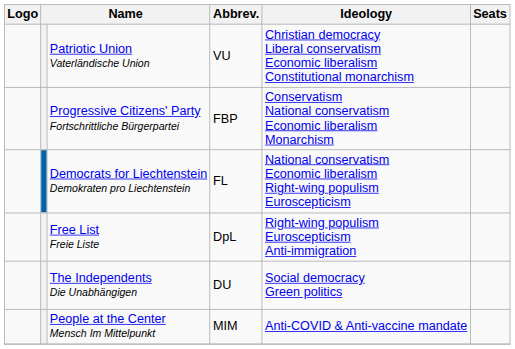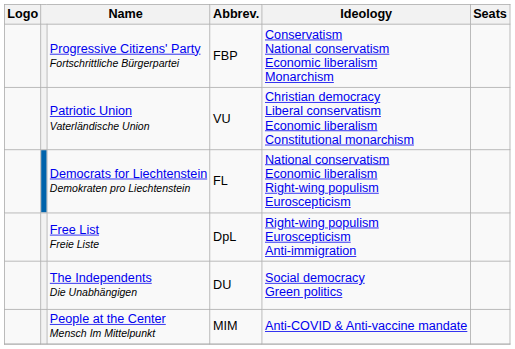 <table class="wikitable sortable">
 <tr>
 <th>Logo</th>
 <th colspan=2>Name</th>
 <th>Abbrev.</th>
 <th>Ideology</th>
 <th>Seats</th>
 </tr>
 <tr>
 <td></td>
 <th style="background-color: "></th>
+<td><a href='#'>Progressive Citizens' Party</a><br><small><em>Fortschrittliche Bürgerpartei</em></small></td>
+<td>FBP</td>
+<td><a href='#'>Conservatism</a><br><a href='#'>National conservatism</a><br><a href='#'>Economic liberalism</a><br><a href='#'>Monarchism</a></td>
+<td><br> <br> </td>
+</tr>
+<tr>
+<td></td>
+<th style="background-color: "></th>
 <td><a href='#'>Patriotic Union</a><br><small><em>Vaterländische Union</em></small></td>
 <td>VU</td>
 <td><a href='#'>Christian democracy</a><br><a href='#'>Liberal conservatism</a><br><a href='#'>Economic liberalism</a><br><a href='#'>Constitutional monarchism</a></td>
 <td><br><br></td>
-</tr>
-<tr>
-<td></td>
-<th style="background-color: "></th>
-<td><a href='#'>Progressive Citizens' Party</a><br><small><em>Fortschrittliche Bürgerpartei</em></small></td>
-<td>FBP</td>
-<td><a href='#'>Conservatism</a><br><a href='#'>National conservatism</a><br><a href='#'>Economic liberalism</a><br><a href='#'>Monarchism</a></td>
-<td><br> <br> </td>
 </tr>
 <tr>
 <td></td>
 <th style="background-color: #0063ab"></th>
 <td><a href='#'>Democrats for Liechtenstein</a><br><small><em>Demokraten pro Liechtenstein</em></small></td>
 <td>FL</td>
 <td><a href='#'>National conservatism</a><br><a href='#'>Economic liberalism</a><br><a href='#'>Right-wing populism</a><br><a href='#'>Euroscepticism</a></td>
 <td><br><br></td>
 </tr>
 <tr>
 <td></td>
 <th style="background-color: "></th>
 <td><a href='#'>Free List</a><br><small><em>Freie Liste</em></small></td>
 <td>DpL</td>
 <td><a href='#'>Right-wing populism</a><br><a href='#'>Euroscepticism</a><br><a href='#'>Anti-immigration</a></td>
 <td><br><br></td>
 </tr>
 <tr>
 <td></td>
 <th style="background-color: "></th>
 <td><a href='#'>The Independents</a><br><small><em>Die Unabhängigen</em></small></td>
 <td>DU</td>
 <td><a href='#'>Social democracy</a><br><a href='#'>Green politics</a></td>
 <td><br><br><br></td>
 </tr>
 <tr>
 <td></td>
 <th style="background-color: "></th>
 <td><a href='#'>People at the Center</a><br><small><em>Mensch Im Mittelpunkt</em></small></td>
 <td>MIM</td>
 <td><a href='#'>Anti-COVID & Anti-vaccine mandate</a></td>
 <td><br><br></td>
 </tr>
 <tr>
 </tr>
 </table>
